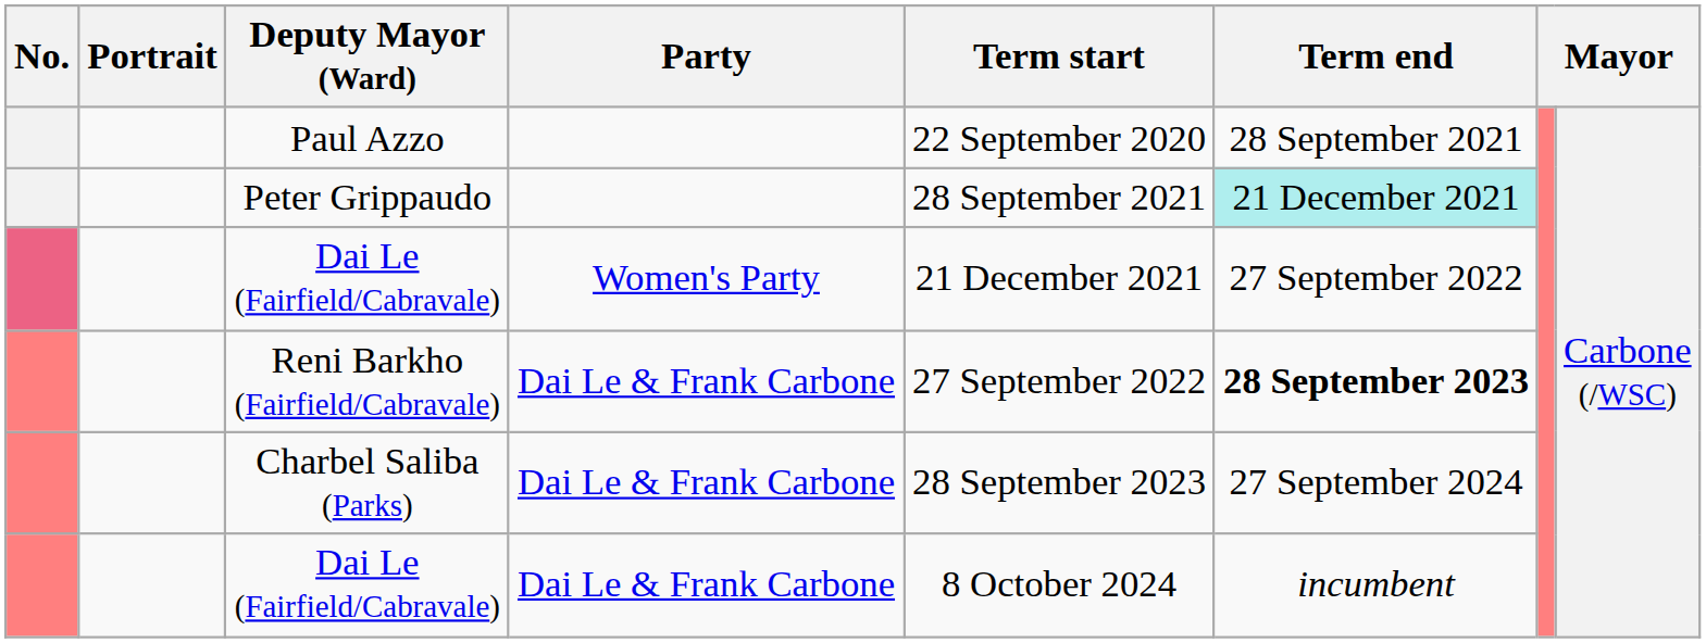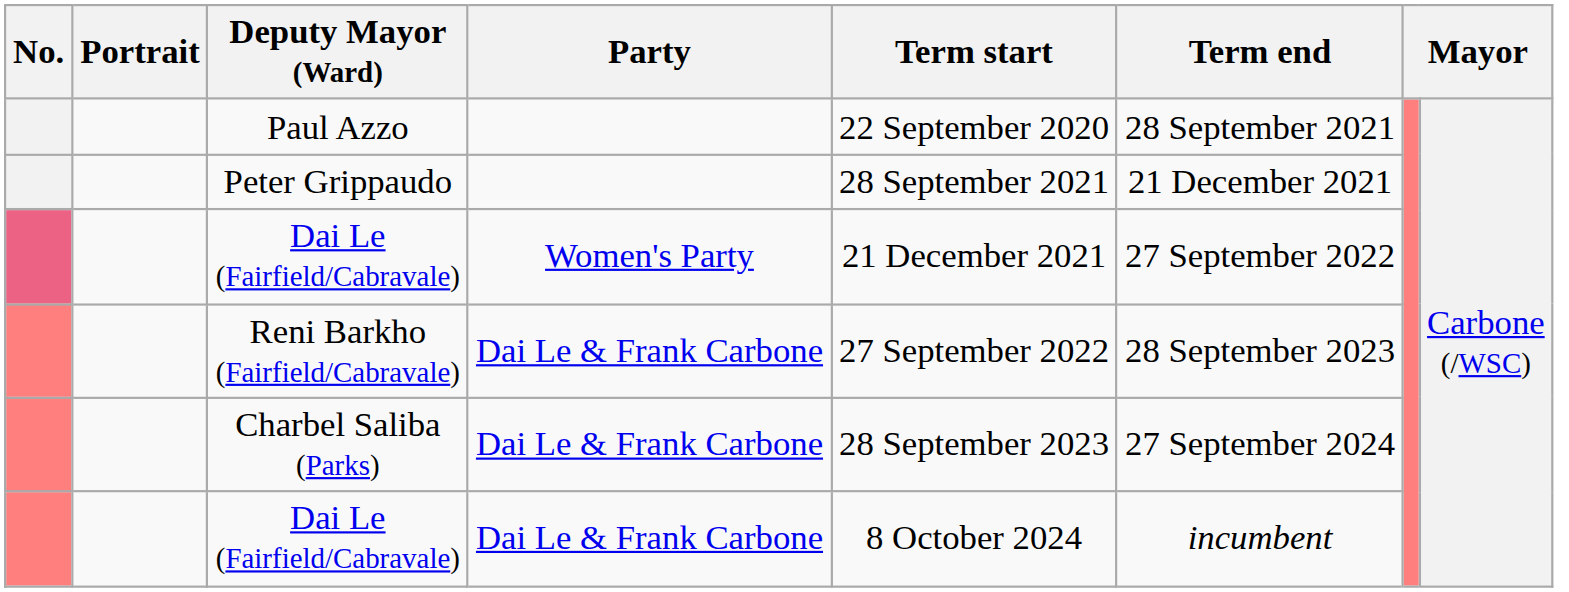 <table class="wikitable">
 <tr>
 <th>No.</th>
 <th>Portrait</th>
 <th>Deputy Mayor <br> <small> (Ward) </small></th>
 <th>Party</th>
 <th>Term start</th>
 <th>Term end</th>
 <th colspan="2">Mayor</th>
 </tr>
 <tr>
 <th></th>
 <td align="center"></td>
 <td align="center">Paul Azzo</td>
 <td align="center"></td>
 <td align="center">22 September 2020</td>
 <td align="center">28 September 2021</td>
 <td rowspan="6" style="background-color:#FF7F7F; border-bottom:solid 0 gray"></td>
 <th rowspan="6" style="font-weight:normal"><a href='#'>Carbone</a> <br> <small>(/<a href='#'>WSC</a>)</small></th>
 </tr>
 <tr>
 <th></th>
 <td align="center"></td>
 <td align="center">Peter Grippaudo</td>
 <td align="center"></td>
 <td align="center">28 September 2021</td>
-<td align="center" style="background: paleturquoise;">21 December 2021</td>
+<td align="center">21 December 2021</td>
 </tr>
 <tr>
 <th style="background:#EC6284; color:white"></th>
 <td align="center"></td>
 <td align="center"><a href='#'>Dai Le</a> <br> <small> (<a href='#'>Fairfield/Cabravale</a>) </small></td>
 <td align="center"><a href='#'>Women's Party</a></td>
 <td align="center">21 December 2021</td>
 <td align="center">27 September 2022</td>
 </tr>
 <tr>
 <th style="background:#FF7F7F; color:white"></th>
 <td align="center"></td>
 <td align="center">Reni Barkho <br> <small> (<a href='#'>Fairfield/Cabravale</a>) </small></td>
 <td align="center"><a href='#'>Dai Le & Frank Carbone</a></td>
 <td align="center">27 September 2022</td>
-<td align="center"><strong>28 September 2023</strong></td>
+<td align="center">28 September 2023</td>
 </tr>
 <tr>
 <th style="background:#FF7F7F; color:white"></th>
 <td align="center"></td>
 <td align="center">Charbel Saliba <br> <small> (<a href='#'>Parks</a>) </small></td>
 <td align="center"><a href='#'>Dai Le & Frank Carbone</a></td>
 <td align="center">28 September 2023</td>
 <td align="center">27 September 2024</td>
 </tr>
 <tr>
 <th style="background:#FF7F7F; color:white"></th>
 <td align="center"></td>
 <td align="center"><a href='#'>Dai Le</a> <br> <small> (<a href='#'>Fairfield/Cabravale</a>) </small></td>
 <td align="center"><a href='#'>Dai Le & Frank Carbone</a></td>
 <td align="center">8 October 2024</td>
 <td align="center"><em>incumbent</em></td>
 </tr>
 </table>
